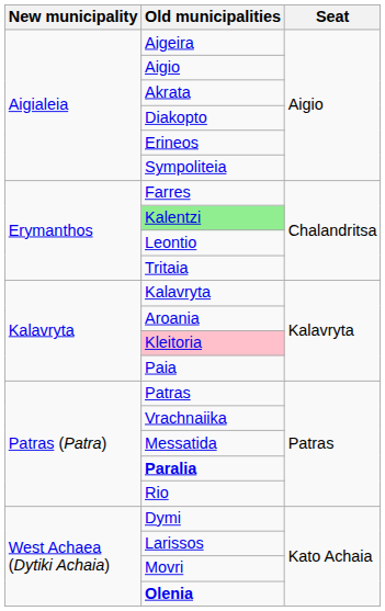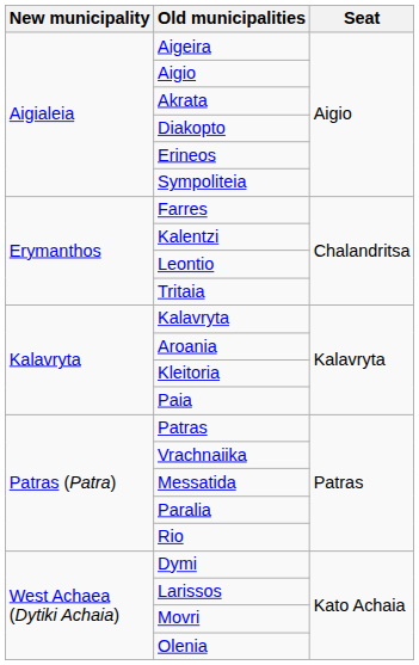 <table class="wikitable">
 <tr>
 <th>New municipality</th>
 <th>Old municipalities</th>
 <th>Seat</th>
 </tr>
 <tr>
 <td rowspan=6><a href='#'>Aigialeia</a></td>
 <td><a href='#'>Aigeira</a></td>
 <td rowspan=6>Aigio</td>
 </tr>
 <tr>
 <td><a href='#'>Aigio</a></td>
 </tr>
 <tr>
 <td><a href='#'>Akrata</a></td>
 </tr>
 <tr>
 <td><a href='#'>Diakopto</a></td>
 </tr>
 <tr>
 <td><a href='#'>Erineos</a></td>
 </tr>
 <tr>
 <td><a href='#'>Sympoliteia</a></td>
 </tr>
 <tr>
 <td rowspan=4><a href='#'>Erymanthos</a></td>
 <td><a href='#'>Farres</a></td>
 <td rowspan=4>Chalandritsa</td>
 </tr>
 <tr>
-<td style="background: lightgreen;"><a href='#'>Kalentzi</a></td>
+<td><a href='#'>Kalentzi</a></td>
 </tr>
 <tr>
 <td><a href='#'>Leontio</a></td>
 </tr>
 <tr>
 <td><a href='#'>Tritaia</a></td>
 </tr>
 <tr>
 <td rowspan=4><a href='#'>Kalavryta</a></td>
 <td><a href='#'>Kalavryta</a></td>
 <td rowspan=4>Kalavryta</td>
 </tr>
 <tr>
 <td><a href='#'>Aroania</a></td>
 </tr>
 <tr>
-<td style="background: pink;"><a href='#'>Kleitoria</a></td>
+<td><a href='#'>Kleitoria</a></td>
 </tr>
 <tr>
 <td><a href='#'>Paia</a></td>
 </tr>
 <tr>
 <td rowspan=5><a href='#'>Patras</a> (<em>Patra</em>)</td>
 <td><a href='#'>Patras</a></td>
 <td rowspan=5>Patras</td>
 </tr>
 <tr>
 <td><a href='#'>Vrachnaiika</a></td>
 </tr>
 <tr>
 <td><a href='#'>Messatida</a></td>
 </tr>
 <tr>
-<td><strong><a href='#'>Paralia</a></strong></td>
+<td><a href='#'>Paralia</a></td>
 </tr>
 <tr>
 <td><a href='#'>Rio</a></td>
 </tr>
 <tr>
 <td rowspan=4><a href='#'>West Achaea</a><br>(<em>Dytiki Achaia</em>)</td>
 <td><a href='#'>Dymi</a></td>
 <td rowspan=4>Kato Achaia</td>
 </tr>
 <tr>
 <td><a href='#'>Larissos</a></td>
 </tr>
 <tr>
 <td><a href='#'>Movri</a></td>
 </tr>
 <tr>
-<td><strong><a href='#'>Olenia</a></strong></td>
+<td><a href='#'>Olenia</a></td>
 </tr>
 </table>
